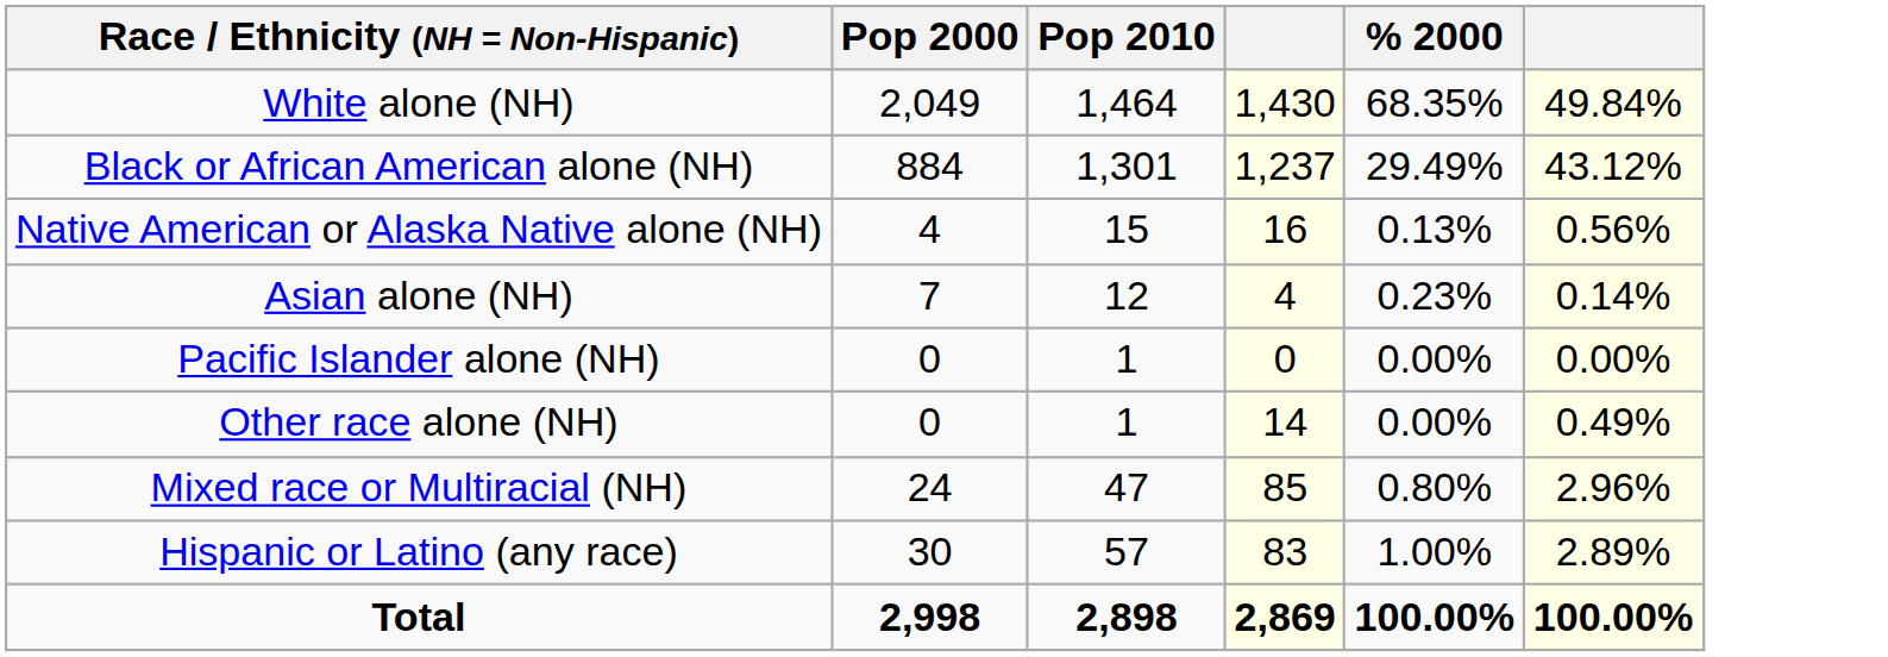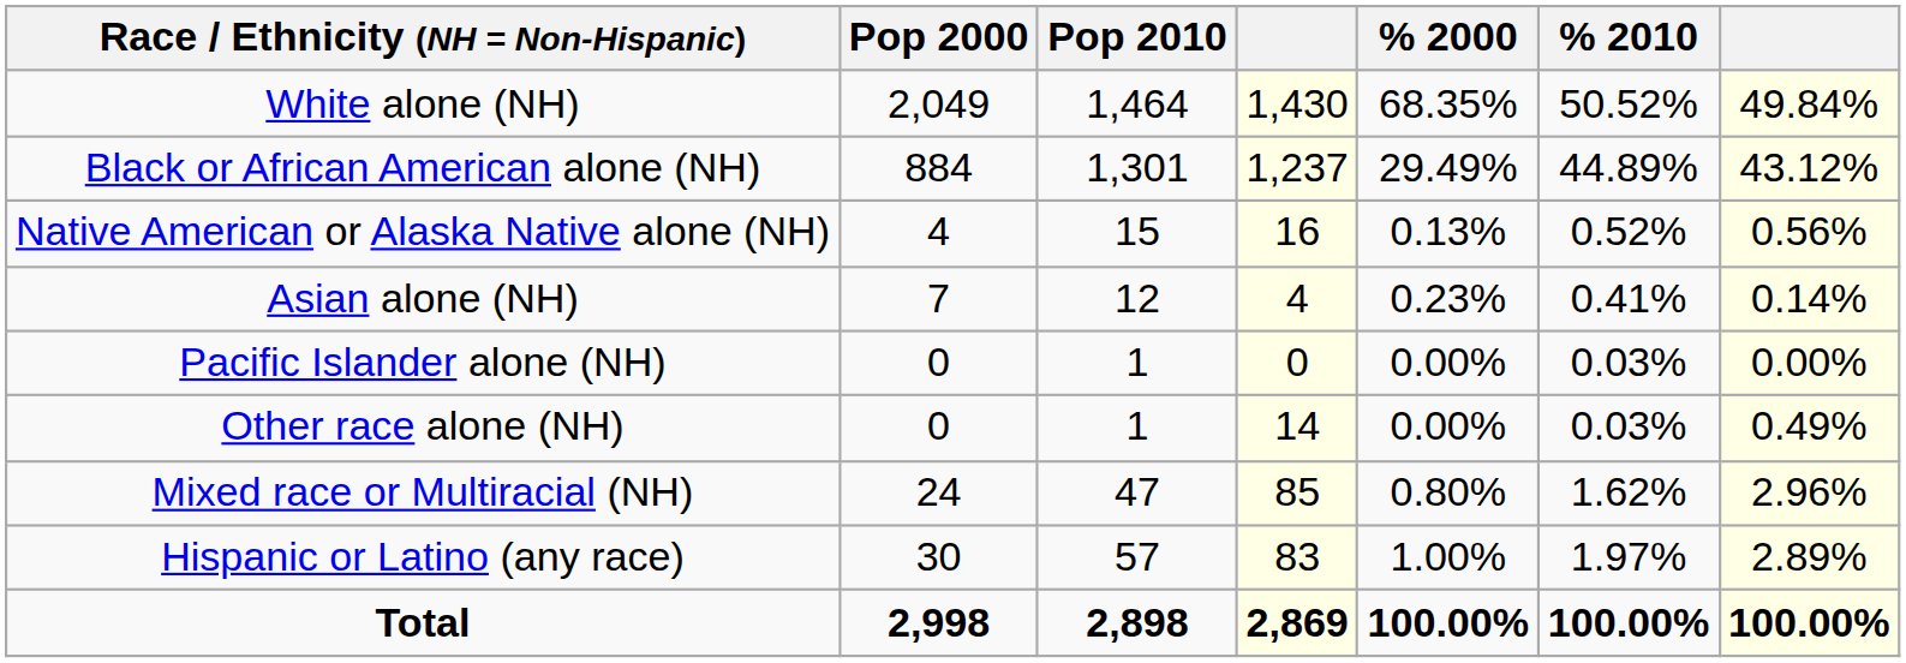 <table class="wikitable" style="text-align:center;">
 <tr>
 <th>Race / Ethnicity <small>(<em>NH = Non-Hispanic</em>)</small></th>
 <th>Pop 2000</th>
 <th>Pop 2010</th>
 <th></th>
 <th>% 2000</th>
+<th>% 2010</th>
 <th></th>
 </tr>
 <tr>
 <td><a href='#'>White</a> alone (NH)</td>
 <td>2,049</td>
 <td>1,464</td>
 <td style='background: #ffffe6;'>1,430</td>
 <td>68.35%</td>
+<td>50.52%</td>
 <td style='background: #ffffe6;'>49.84%</td>
 </tr>
 <tr>
 <td><a href='#'>Black or African American</a> alone (NH)</td>
 <td>884</td>
 <td>1,301</td>
 <td style='background: #ffffe6;'>1,237</td>
 <td>29.49%</td>
+<td>44.89%</td>
 <td style='background: #ffffe6;'>43.12%</td>
 </tr>
 <tr>
 <td><a href='#'>Native American</a> or <a href='#'>Alaska Native</a> alone (NH)</td>
 <td>4</td>
 <td>15</td>
 <td style='background: #ffffe6;'>16</td>
 <td>0.13%</td>
+<td>0.52%</td>
 <td style='background: #ffffe6;'>0.56%</td>
 </tr>
 <tr>
 <td><a href='#'>Asian</a> alone (NH)</td>
 <td>7</td>
 <td>12</td>
 <td style='background: #ffffe6;'>4</td>
 <td>0.23%</td>
+<td>0.41%</td>
 <td style='background: #ffffe6;'>0.14%</td>
 </tr>
 <tr>
 <td><a href='#'>Pacific Islander</a> alone (NH)</td>
 <td>0</td>
 <td>1</td>
 <td style='background: #ffffe6;'>0</td>
 <td>0.00%</td>
+<td>0.03%</td>
 <td style='background: #ffffe6;'>0.00%</td>
 </tr>
 <tr>
 <td><a href='#'>Other race</a> alone (NH)</td>
 <td>0</td>
 <td>1</td>
 <td style='background: #ffffe6;'>14</td>
 <td>0.00%</td>
+<td>0.03%</td>
 <td style='background: #ffffe6;'>0.49%</td>
 </tr>
 <tr>
 <td><a href='#'>Mixed race or Multiracial</a> (NH)</td>
 <td>24</td>
 <td>47</td>
 <td style='background: #ffffe6;'>85</td>
 <td>0.80%</td>
+<td>1.62%</td>
 <td style='background: #ffffe6;'>2.96%</td>
 </tr>
 <tr>
 <td><a href='#'>Hispanic or Latino</a> (any race)</td>
 <td>30</td>
 <td>57</td>
 <td style='background: #ffffe6;'>83</td>
 <td>1.00%</td>
+<td>1.97%</td>
 <td style='background: #ffffe6;'>2.89%</td>
 </tr>
 <tr>
 <td><strong>Total</strong></td>
 <td><strong>2,998</strong></td>
 <td><strong>2,898</strong></td>
 <td style='background: #ffffe6;'><strong>2,869</strong></td>
 <td><strong>100.00%</strong></td>
+<td><strong>100.00%</strong></td>
 <td style='background: #ffffe6;'><strong>100.00%</strong></td>
 </tr>
 </table>
